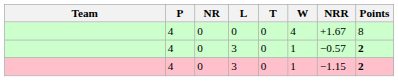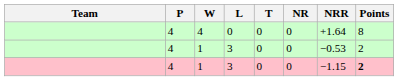 <table class="wikitable">
 <tr>
 <th width=38%>Team</th>
 <th width=7%>P</th>
-<th width=8%>NR</th>
+<th width=7%>W</th>
 <th width=7%>L</th>
 <th width=7%>T</th>
-<th width=7%>W</th>
+<th width=8%>NR</th>
 <th width=9%>NRR</th>
 <th width=9%>Points</th>
 </tr>
 <tr bgcolor=ccffcc>
 <td align=left></td>
 <td>4</td>
+<td>4</td>
 <td>0</td>
 <td>0</td>
 <td>0</td>
-<td>4</td>
-<td>+1.67</td>
+<td>+1.64</td>
 <td>8</td>
 </tr>
 <tr bgcolor=ccffcc>
 <td align=left></td>
 <td>4</td>
-<td>0</td>
+<td>1</td>
 <td>3</td>
 <td>0</td>
-<td>1</td>
-<td>−0.57</td>
-<td><strong>2</strong></td>
+<td>0</td>
+<td>−0.53</td>
+<td>2</td>
 </tr>
 <tr bgcolor=pink>
 <td align=left></td>
 <td>4</td>
-<td>0</td>
+<td>1</td>
 <td>3</td>
 <td>0</td>
-<td>1</td>
+<td>0</td>
 <td>−1.15</td>
 <td><strong>2</strong></td>
 </tr>
 </table>
